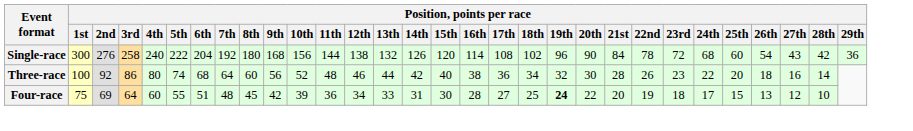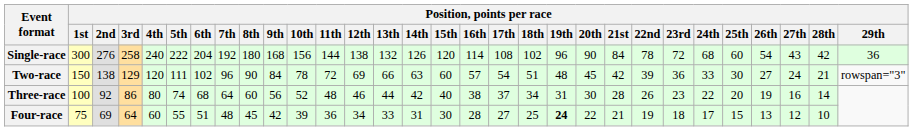 <table class="wikitable" style="font-size:85%; text-align:center">
 <tr>
 <th rowspan="2">Event<br>format</th>
 <th colspan="29">Position, points per race</th>
 </tr>
 <tr>
 <th>1st</th>
 <th>2nd</th>
 <th>3rd</th>
 <th>4th</th>
 <th>5th</th>
 <th>6th</th>
 <th>7th</th>
 <th>8th</th>
 <th>9th</th>
 <th>10th</th>
 <th>11th</th>
 <th>12th</th>
 <th>13th</th>
 <th>14th</th>
 <th>15th</th>
 <th>16th</th>
 <th>17th</th>
 <th>18th</th>
 <th>19th</th>
 <th>20th</th>
 <th>21st</th>
 <th>22nd</th>
 <th>23rd</th>
 <th>24th</th>
 <th>25th</th>
 <th>26th</th>
 <th>27th</th>
 <th>28th</th>
 <th>29th</th>
 </tr>
 <tr>
 <th nowrap>Single-race</th>
 <td style="background:#ffffbf;">300</td>
 <td style="background:#dfdfdf;">276</td>
 <td style="background:#ffdf9f;">258</td>
 <td style="background:#dfffdf;">240</td>
 <td style="background:#dfffdf;">222</td>
 <td style="background:#dfffdf;">204</td>
 <td style="background:#dfffdf;">192</td>
 <td style="background:#dfffdf;">180</td>
 <td style="background:#dfffdf;">168</td>
 <td style="background:#dfffdf;">156</td>
 <td style="background:#dfffdf;">144</td>
 <td style="background:#dfffdf;">138</td>
 <td style="background:#dfffdf;">132</td>
 <td style="background:#dfffdf;">126</td>
 <td style="background:#dfffdf;">120</td>
 <td style="background:#dfffdf;">114</td>
 <td style="background:#dfffdf;">108</td>
 <td style="background:#dfffdf;">102</td>
 <td style="background:#dfffdf;">96</td>
 <td style="background:#dfffdf;">90</td>
 <td style="background:#dfffdf;">84</td>
 <td style="background:#dfffdf;">78</td>
 <td style="background:#dfffdf;">72</td>
 <td style="background:#dfffdf;">68</td>
 <td style="background:#dfffdf;">60</td>
 <td style="background:#dfffdf;">54</td>
 <td style="background:#dfffdf;">43</td>
 <td style="background:#dfffdf;">42</td>
 <td style="background:#dfffdf;">36</td>
 </tr>
 <tr>
+<th>Two-race</th>
+<td style="background:#ffffbf;">150</td>
+<td style="background:#dfdfdf;">138</td>
+<td style="background:#ffdf9f;">129</td>
+<td style="background:#dfffdf;">120</td>
+<td style="background:#dfffdf;">111</td>
+<td style="background:#dfffdf;">102</td>
+<td style="background:#dfffdf;">96</td>
+<td style="background:#dfffdf;">90</td>
+<td style="background:#dfffdf;">84</td>
+<td style="background:#dfffdf;">78</td>
+<td style="background:#dfffdf;">72</td>
+<td style="background:#dfffdf;">69</td>
+<td style="background:#dfffdf;">66</td>
+<td style="background:#dfffdf;">63</td>
+<td style="background:#dfffdf;">60</td>
+<td style="background:#dfffdf;">57</td>
+<td style="background:#dfffdf;">54</td>
+<td style="background:#dfffdf;">51</td>
+<td style="background:#dfffdf;">48</td>
+<td style="background:#dfffdf;">45</td>
+<td style="background:#dfffdf;">42</td>
+<td style="background:#dfffdf;">39</td>
+<td style="background:#dfffdf;">36</td>
+<td style="background:#dfffdf;">33</td>
+<td style="background:#dfffdf;">30</td>
+<td style="background:#dfffdf;">27</td>
+<td style="background:#dfffdf;">24</td>
+<td style="background:#dfffdf;">21</td>
+<td>rowspan="3" </td>
+</tr>
+<tr>
 <th>Three-race</th>
 <td style="background:#ffffbf;">100</td>
 <td style="background:#dfdfdf;">92</td>
 <td style="background:#ffdf9f;">86</td>
 <td style="background:#dfffdf;">80</td>
 <td style="background:#dfffdf;">74</td>
 <td style="background:#dfffdf;">68</td>
 <td style="background:#dfffdf;">64</td>
 <td style="background:#dfffdf;">60</td>
 <td style="background:#dfffdf;">56</td>
 <td style="background:#dfffdf;">52</td>
 <td style="background:#dfffdf;">48</td>
 <td style="background:#dfffdf;">46</td>
 <td style="background:#dfffdf;">44</td>
 <td style="background:#dfffdf;">42</td>
 <td style="background:#dfffdf;">40</td>
 <td style="background:#dfffdf;">38</td>
-<td style="background:#dfffdf;">36</td>
+<td style="background:#dfffdf;">37</td>
 <td style="background:#dfffdf;">34</td>
-<td style="background:#dfffdf;">32</td>
+<td style="background:#dfffdf;">31</td>
 <td style="background:#dfffdf;">30</td>
 <td style="background:#dfffdf;">28</td>
 <td style="background:#dfffdf;">26</td>
 <td style="background:#dfffdf;">23</td>
 <td style="background:#dfffdf;">22</td>
 <td style="background:#dfffdf;">20</td>
-<td style="background:#dfffdf;">18</td>
+<td style="background:#dfffdf;">19</td>
 <td style="background:#dfffdf;">16</td>
 <td style="background:#dfffdf;">14</td>
 </tr>
 <tr>
 <th>Four-race</th>
 <td style="background:#ffffbf;">75</td>
 <td style="background:#dfdfdf;">69</td>
 <td style="background:#ffdf9f;">64</td>
 <td style="background:#dfffdf;">60</td>
 <td style="background:#dfffdf;">55</td>
 <td style="background:#dfffdf;">51</td>
 <td style="background:#dfffdf;">48</td>
 <td style="background:#dfffdf;">45</td>
 <td style="background:#dfffdf;">42</td>
 <td style="background:#dfffdf;">39</td>
 <td style="background:#dfffdf;">36</td>
 <td style="background:#dfffdf;">34</td>
 <td style="background:#dfffdf;">33</td>
 <td style="background:#dfffdf;">31</td>
 <td style="background:#dfffdf;">30</td>
 <td style="background:#dfffdf;">28</td>
 <td style="background:#dfffdf;">27</td>
 <td style="background:#dfffdf;">25</td>
 <td style="background:#dfffdf;"><strong>24</strong></td>
 <td style="background:#dfffdf;">22</td>
-<td style="background:#dfffdf;">20</td>
+<td style="background:#dfffdf;">21</td>
 <td style="background:#dfffdf;">19</td>
 <td style="background:#dfffdf;">18</td>
 <td style="background:#dfffdf;">17</td>
 <td style="background:#dfffdf;">15</td>
 <td style="background:#dfffdf;">13</td>
 <td style="background:#dfffdf;">12</td>
 <td style="background:#dfffdf;">10</td>
 </tr>
 </table>
